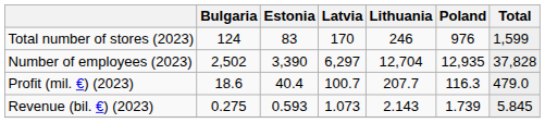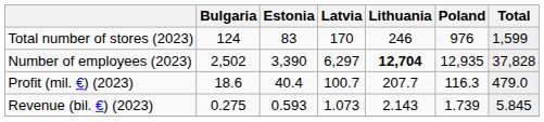 <table class="wikitable" style="margin: 1em 1em 1em 0; font-size: 95%;">
 <tr>
 <th></th>
 <th>Bulgaria</th>
 <th>Estonia</th>
 <th>Latvia</th>
 <th>Lithuania</th>
 <th>Poland</th>
 <th>Total </th>
 </tr>
 <tr>
 <td>Total number of stores (2023)</td>
 <td align="center">124</td>
 <td align="center">83</td>
 <td align="center">170</td>
 <td align="center">246</td>
 <td align="center">976</td>
 <td style="background:#efefef;">1,599</td>
 </tr>
 <tr>
 <td>Number of employees (2023)</td>
 <td align="center">2,502</td>
 <td align="center">3,390</td>
 <td align="center">6,297</td>
-<td align="center">12,704</td>
+<td align="center"><strong>12,704</strong></td>
 <td align="center">12,935</td>
 <td align="center" style="background:#efefef;">37,828</td>
 </tr>
 <tr>
 <td>Profit (mil. <a href='#'>€</a>) (2023)</td>
 <td align="center">18.6</td>
 <td align="center">40.4</td>
 <td align="center">100.7</td>
 <td align="center">207.7</td>
 <td align="center">116.3</td>
 <td style="background:#efefef;">479.0</td>
 </tr>
 <tr>
 <td>Revenue (bil. <a href='#'>€</a>) (2023)</td>
 <td align="center">0.275</td>
 <td align="center">0.593</td>
 <td align="center">1.073</td>
 <td align="center">2.143</td>
 <td align="center">1.739</td>
 <td align="center" style="background:#efefef;">5.845</td>
 </tr>
 <tr>
 </tr>
 </table>
